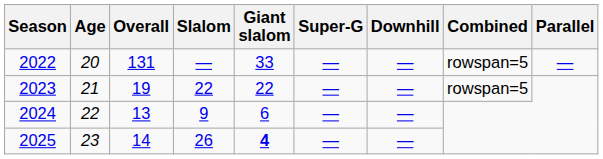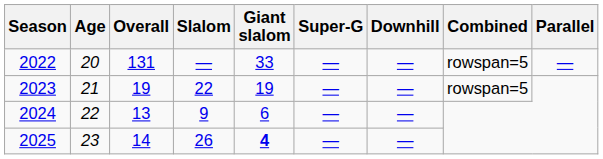 <table class=wikitable style="text-align:center">
 <tr>
 <th>Season</th>
 <th>Age</th>
 <th>Overall</th>
 <th>Slalom</th>
 <th>Giant<br>slalom</th>
 <th>Super-G</th>
 <th>Downhill</th>
 <th>Combined</th>
 <th>Parallel</th>
 </tr>
 <tr>
 <td><a href='#'>2022</a></td>
 <td><em>20</em></td>
 <td><a href='#'>131</a></td>
 <td><a href='#'>—</a></td>
 <td><a href='#'>33</a></td>
 <td><a href='#'>—</a></td>
 <td><a href='#'>—</a></td>
 <td>rowspan=5 </td>
 <td><a href='#'>—</a></td>
 </tr>
 <tr>
 <td><a href='#'>2023</a></td>
 <td><em>21</em></td>
 <td><a href='#'>19</a></td>
 <td><a href='#'>22</a></td>
-<td><a href='#'>22</a></td>
+<td><a href='#'>19</a></td>
 <td><a href='#'>—</a></td>
 <td><a href='#'>—</a></td>
 <td>rowspan=5 </td>
 </tr>
 <tr>
 <td><a href='#'>2024</a></td>
 <td><em>22</em></td>
 <td><a href='#'>13</a></td>
 <td><a href='#'>9</a></td>
 <td><a href='#'>6</a></td>
 <td><a href='#'>—</a></td>
 <td><a href='#'>—</a></td>
 </tr>
 <tr>
 <td><a href='#'>2025</a></td>
 <td><em>23</em></td>
 <td><a href='#'>14</a></td>
 <td><a href='#'>26</a></td>
 <td><strong><a href='#'>4</a></strong></td>
 <td><a href='#'>—</a></td>
 <td><a href='#'>—</a></td>
 </tr>
 </table>
